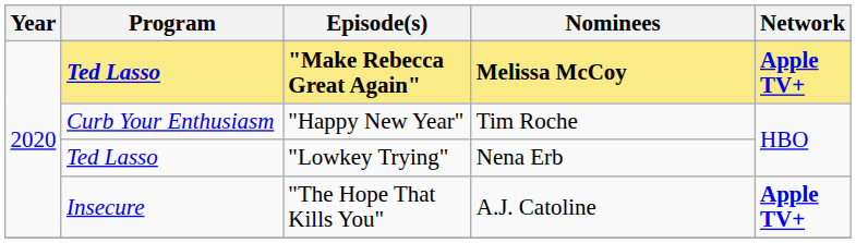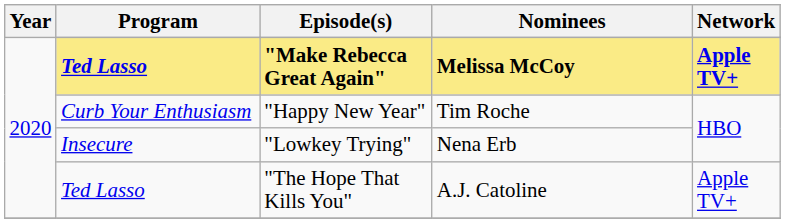 <table class="wikitable" style="width:95%">
 <tr bgcolor="#bebebe">
 <th width="5%">Year</th>
 <th width="30%">Program</th>
 <th width="25%">Episode(s)</th>
 <th width="40%">Nominees</th>
 <th width="10%">Network</th>
 </tr>
 <tr>
 <td rowspan=5 style="text-align:center"><a href='#'>2020</a><br></td>
 </tr>
 <tr style="background:#FAEB86">
 <td><strong><em><a href='#'>Ted Lasso</a></em></strong></td>
 <td><strong>"Make Rebecca Great Again"</strong></td>
 <td><strong>Melissa McCoy</strong></td>
 <td><strong><a href='#'>Apple TV+</a></strong></td>
 </tr>
 <tr>
 <td><em><a href='#'>Curb Your Enthusiasm</a></em></td>
 <td>"Happy New Year"</td>
 <td>Tim Roche</td>
 <td rowspan="2"><a href='#'>HBO</a></td>
 </tr>
 <tr>
-<td><em><a href='#'>Ted Lasso</a></em></td>
+<td><em><a href='#'>Insecure</a></em></td>
 <td>"Lowkey Trying"</td>
 <td>Nena Erb</td>
 </tr>
 <tr>
-<td><em><a href='#'>Insecure</a></em></td>
+<td><em><a href='#'>Ted Lasso</a></em></td>
 <td>"The Hope That Kills You"</td>
 <td>A.J. Catoline</td>
-<td><strong><a href='#'>Apple TV+</a></strong></td>
+<td><a href='#'>Apple TV+</a></td>
 </tr>
 <tr>
 </tr>
 </table>
